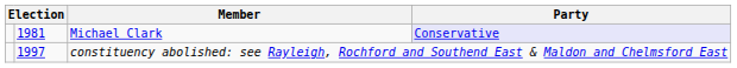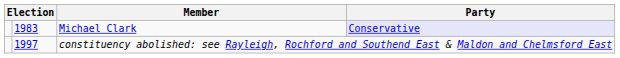 <table class="wikitable">
 <tr>
 <th colspan="2">Election</th>
 <th>Member</th>
 <th>Party</th>
 </tr>
 <tr>
 <td style="color:inherit;background-color: "></td>
-<td><a href='#'>1981</a></td>
+<td><a href='#'>1983</a></td>
 <td><a href='#'>Michael Clark</a></td>
 <td style="background: lavender;"><a href='#'>Conservative</a></td>
 </tr>
 <tr>
 <td></td>
 <td><a href='#'>1997</a></td>
 <td colspan="2"><em>constituency abolished: see <a href='#'>Rayleigh</a>, <a href='#'>Rochford and Southend East</a> & <a href='#'>Maldon and Chelmsford East</a></em></td>
 </tr>
 </table>
